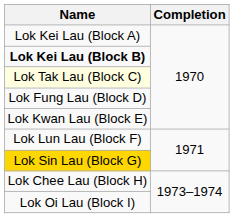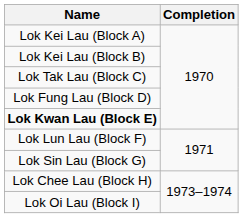 <table class="wikitable" style="text-align: center">
 <tr>
 <th>Name</th>
 <th>Completion</th>
 </tr>
 <tr>
 <td>Lok Kei Lau (Block A)</td>
 <td rowspan="5">1970</td>
 </tr>
 <tr>
-<td><strong>Lok Kei Lau (Block B)</strong></td>
+<td>Lok Kei Lau (Block B)</td>
 </tr>
 <tr>
-<td style="background: lightyellow;">Lok Tak Lau (Block C)</td>
+<td>Lok Tak Lau (Block C)</td>
 </tr>
 <tr>
 <td>Lok Fung Lau (Block D)</td>
 </tr>
 <tr>
-<td>Lok Kwan Lau (Block E)</td>
+<td><strong>Lok Kwan Lau (Block E)</strong></td>
 </tr>
 <tr>
 <td>Lok Lun Lau (Block F)</td>
 <td rowspan="2">1971</td>
 </tr>
 <tr>
-<td style="background: gold;">Lok Sin Lau (Block G)</td>
+<td>Lok Sin Lau (Block G)</td>
 </tr>
 <tr>
 <td>Lok Chee Lau (Block H)</td>
 <td rowspan="2">1973–1974</td>
 </tr>
 <tr>
 <td>Lok Oi Lau (Block I)</td>
 </tr>
 </table>
